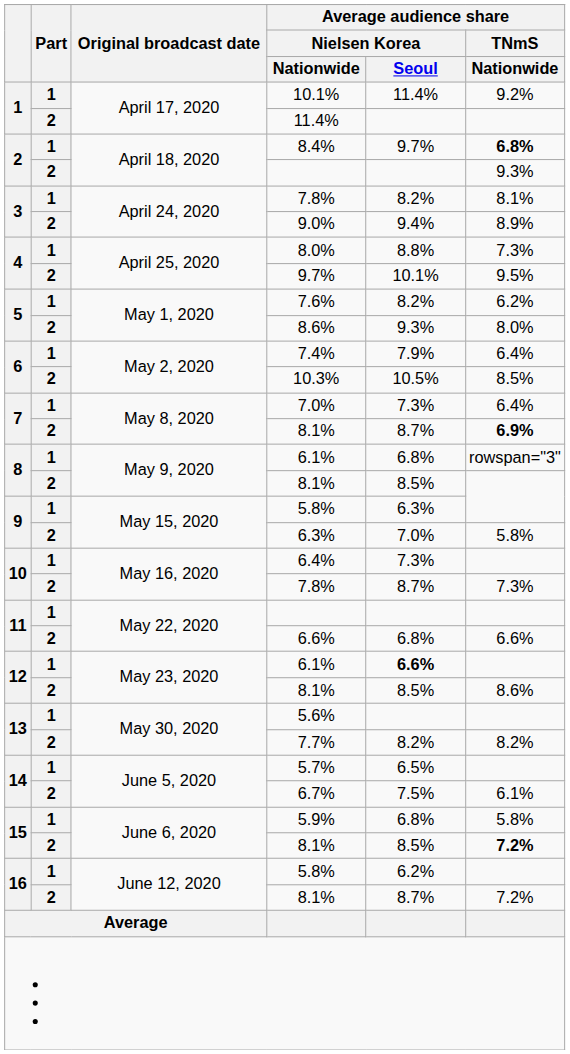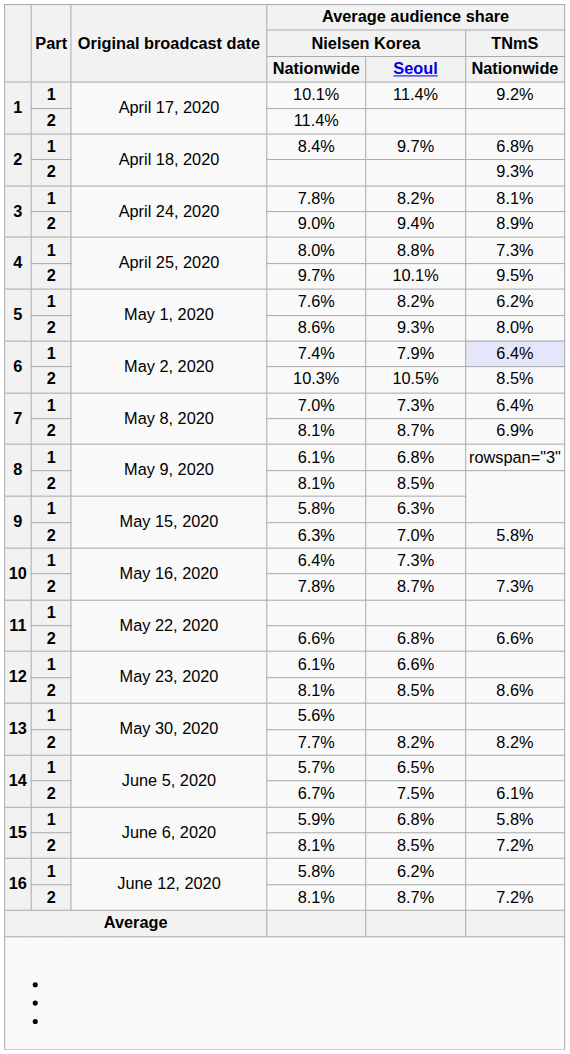 <table class="wikitable" style="margin-left:auto; margin-right:auto; width:550px; text-align:center;">
 <tr>
 </tr>
 <tr>
 <th rowspan="3"></th>
 <th rowspan="3">Part</th>
 <th rowspan="3">Original broadcast date</th>
 <th colspan="3">Average audience share</th>
 </tr>
 <tr>
 <th colspan="2">Nielsen Korea</th>
 <th>TNmS</th>
 </tr>
 <tr>
 <th width="90">Nationwide</th>
 <th width="90"><a href='#'>Seoul</a></th>
 <th width="90">Nationwide</th>
 </tr>
 <tr>
 <th rowspan="2">1</th>
 <th>1</th>
 <td rowspan="2">April 17, 2020</td>
 <td>10.1% </td>
 <td>11.4% </td>
 <td>9.2% </td>
 </tr>
 <tr>
 <th>2</th>
 <td>11.4% </td>
 <td><strong></strong> </td>
 <td><strong></strong> </td>
 </tr>
 <tr>
 <th rowspan="2">2</th>
 <th>1</th>
 <td rowspan="2">April 18, 2020</td>
 <td>8.4% </td>
 <td>9.7% </td>
-<td><strong>6.8% </strong></td>
+<td>6.8% </td>
 </tr>
 <tr>
 <th>2</th>
 <td><strong></strong> </td>
 <td><strong></strong> </td>
 <td>9.3% </td>
 </tr>
 <tr>
 <th rowspan="2">3</th>
 <th>1</th>
 <td rowspan="2">April 24, 2020</td>
 <td>7.8% </td>
 <td>8.2% </td>
 <td>8.1% </td>
 </tr>
 <tr>
 <th>2</th>
 <td>9.0% </td>
 <td>9.4% </td>
 <td>8.9% </td>
 </tr>
 <tr>
 <th rowspan="2">4</th>
 <th>1</th>
 <td rowspan="2">April 25, 2020</td>
 <td>8.0% </td>
 <td>8.8% </td>
 <td>7.3% </td>
 </tr>
 <tr>
 <th>2</th>
 <td>9.7% </td>
 <td>10.1% </td>
 <td>9.5% </td>
 </tr>
 <tr>
 <th rowspan="2">5</th>
 <th>1</th>
 <td rowspan="2">May 1, 2020</td>
 <td>7.6% </td>
 <td>8.2% </td>
 <td>6.2% </td>
 </tr>
 <tr>
 <th>2</th>
 <td>8.6% </td>
 <td>9.3% </td>
 <td>8.0% </td>
 </tr>
 <tr>
 <th rowspan="2">6</th>
 <th>1</th>
 <td rowspan="2">May 2, 2020</td>
 <td>7.4% </td>
 <td>7.9% </td>
-<td>6.4% </td>
+<td style="background: lavender;">6.4% </td>
 </tr>
 <tr>
 <th>2</th>
 <td>10.3% </td>
 <td>10.5% </td>
 <td>8.5% </td>
 </tr>
 <tr>
 <th rowspan="2">7</th>
 <th>1</th>
 <td rowspan="2">May 8, 2020</td>
 <td>7.0% </td>
 <td>7.3% </td>
 <td>6.4% </td>
 </tr>
 <tr>
 <th>2</th>
 <td>8.1% </td>
 <td>8.7% </td>
-<td><strong>6.9% </strong></td>
+<td>6.9% </td>
 </tr>
 <tr>
 <th rowspan="2">8</th>
 <th>1</th>
 <td rowspan="2">May 9, 2020</td>
 <td>6.1% </td>
 <td>6.8% </td>
 <td>rowspan="3" </td>
 </tr>
 <tr>
 <th>2</th>
 <td>8.1% </td>
 <td>8.5% </td>
 </tr>
 <tr>
 <th rowspan="2">9</th>
 <th>1</th>
 <td rowspan="2">May 15, 2020</td>
 <td>5.8% </td>
 <td>6.3% </td>
 </tr>
 <tr>
 <th>2</th>
 <td>6.3% </td>
 <td>7.0% </td>
 <td>5.8% </td>
 </tr>
 <tr>
 <th rowspan="2">10</th>
 <th>1</th>
 <td rowspan="2">May 16, 2020</td>
 <td>6.4% </td>
 <td>7.3% </td>
 <td></td>
 </tr>
 <tr>
 <th>2</th>
 <td>7.8% </td>
 <td>8.7% </td>
 <td>7.3% </td>
 </tr>
 <tr>
 <th rowspan="2">11</th>
 <th>1</th>
 <td rowspan="2">May 22, 2020</td>
 <td><strong></strong> </td>
 <td><strong></strong> </td>
 <td></td>
 </tr>
 <tr>
 <th>2</th>
 <td>6.6% </td>
 <td>6.8% </td>
 <td>6.6% </td>
 </tr>
 <tr>
 <th rowspan="2">12</th>
 <th>1</th>
 <td rowspan="2">May 23, 2020</td>
 <td>6.1% </td>
-<td><strong>6.6% </strong></td>
+<td>6.6% </td>
 <td></td>
 </tr>
 <tr>
 <th>2</th>
 <td>8.1% </td>
 <td>8.5% </td>
 <td>8.6% </td>
 </tr>
 <tr>
 <th rowspan="2">13</th>
 <th>1</th>
 <td rowspan="2">May 30, 2020</td>
 <td>5.6% </td>
 <td></td>
 <td></td>
 </tr>
 <tr>
 <th>2</th>
 <td>7.7% </td>
 <td>8.2% </td>
 <td>8.2% </td>
 </tr>
 <tr>
 <th rowspan="2">14</th>
 <th>1</th>
 <td rowspan="2">June 5, 2020</td>
 <td>5.7% </td>
 <td>6.5% </td>
 <td></td>
 </tr>
 <tr>
 <th>2</th>
 <td>6.7% </td>
 <td>7.5% </td>
 <td>6.1% </td>
 </tr>
 <tr>
 <th rowspan="2">15</th>
 <th>1</th>
 <td rowspan="2">June 6, 2020</td>
 <td>5.9% </td>
 <td>6.8% </td>
 <td>5.8% </td>
 </tr>
 <tr>
 <th>2</th>
 <td>8.1% </td>
 <td>8.5% </td>
-<td><strong>7.2% </strong></td>
+<td>7.2% </td>
 </tr>
 <tr>
 <th rowspan="2">16</th>
 <th>1</th>
 <td rowspan="2">June 12, 2020</td>
 <td>5.8% </td>
 <td>6.2% </td>
 <td><strong></strong> </td>
 </tr>
 <tr>
 <th>2</th>
 <td>8.1% </td>
 <td>8.7% </td>
 <td>7.2% </td>
 </tr>
 <tr>
 <th colspan="3">Average</th>
 <th></th>
 <th></th>
 <th></th>
 </tr>
 <tr>
 <td colspan="6"><br><ul><li></li><li></li><li></li></ul></td>
 </tr>
 </table>
